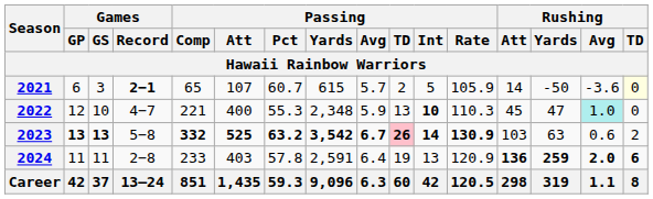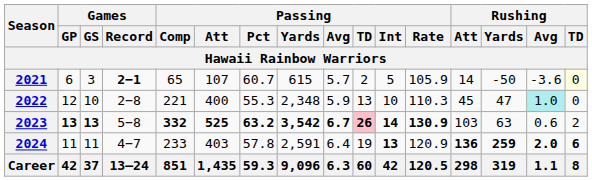 <table class="wikitable" style="text-align:center;">
 <tr>
 <th rowspan="2">Season</th>
 <th colspan="3">Games</th>
 <th colspan="8">Passing</th>
 <th colspan="5">Rushing</th>
 </tr>
 <tr>
 <th>GP</th>
 <th>GS</th>
 <th>Record</th>
 <th>Comp</th>
 <th>Att</th>
 <th>Pct</th>
 <th>Yards</th>
 <th>Avg</th>
 <th>TD</th>
 <th>Int</th>
 <th>Rate</th>
 <th>Att</th>
 <th>Yards</th>
 <th>Avg</th>
 <th>TD</th>
 </tr>
 <tr>
 <th colspan="16">Hawaii Rainbow Warriors</th>
 </tr>
 <tr>
 <th><a href='#'>2021</a></th>
 <td>6</td>
 <td>3</td>
 <td><strong>2−1</strong></td>
 <td>65</td>
 <td>107</td>
 <td>60.7</td>
 <td>615</td>
 <td>5.7</td>
 <td>2</td>
 <td>5</td>
 <td>105.9</td>
 <td>14</td>
 <td>-50</td>
 <td>-3.6</td>
 <td style="background: lightyellow;">0</td>
 </tr>
 <tr>
 <th><a href='#'>2022</a></th>
 <td>12</td>
 <td>10</td>
-<td>4−7</td>
+<td>2−8</td>
 <td>221</td>
 <td>400</td>
 <td>55.3</td>
 <td>2,348</td>
 <td>5.9</td>
 <td>13</td>
-<td><strong>10</strong></td>
+<td>10</td>
 <td>110.3</td>
 <td>45</td>
 <td>47</td>
 <td style="background: paleturquoise;">1.0</td>
 <td>0</td>
 </tr>
 <tr>
 <th><a href='#'>2023</a></th>
 <td><strong>13</strong></td>
 <td><strong>13</strong></td>
 <td>5−8</td>
 <td><strong>332</strong></td>
 <td><strong>525</strong></td>
 <td><strong>63.2</strong></td>
 <td><strong>3,542</strong></td>
 <td><strong>6.7</strong></td>
 <td style="background: pink;"><strong>26</strong></td>
 <td><strong>14</strong></td>
 <td><strong>130.9</strong></td>
 <td>103</td>
 <td>63</td>
 <td>0.6</td>
 <td>2</td>
 </tr>
 <tr>
 <th><a href='#'>2024</a></th>
 <td>11</td>
 <td>11</td>
-<td>2−8</td>
+<td>4−7</td>
 <td>233</td>
 <td>403</td>
 <td>57.8</td>
 <td>2,591</td>
 <td>6.4</td>
 <td>19</td>
-<td>13</td>
+<td><strong>13</strong></td>
 <td>120.9</td>
 <td><strong>136</strong></td>
 <td><strong>259</strong></td>
 <td><strong>2.0</strong></td>
 <td><strong>6</strong></td>
 </tr>
 <tr>
 <th>Career</th>
 <th>42</th>
 <th>37</th>
 <th>13–24</th>
 <th>851</th>
 <th>1,435</th>
 <th>59.3</th>
 <th>9,096</th>
 <th>6.3</th>
 <th>60</th>
 <th>42</th>
 <th>120.5</th>
 <th>298</th>
 <th>319</th>
 <th>1.1</th>
 <th>8</th>
 </tr>
 </table>
